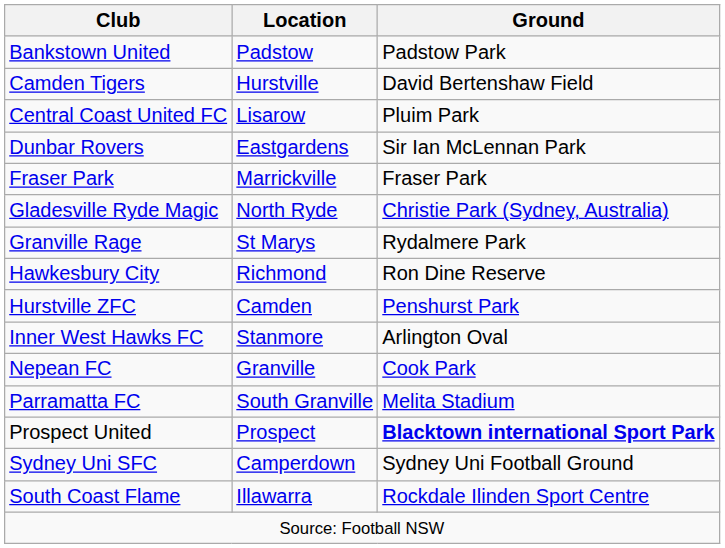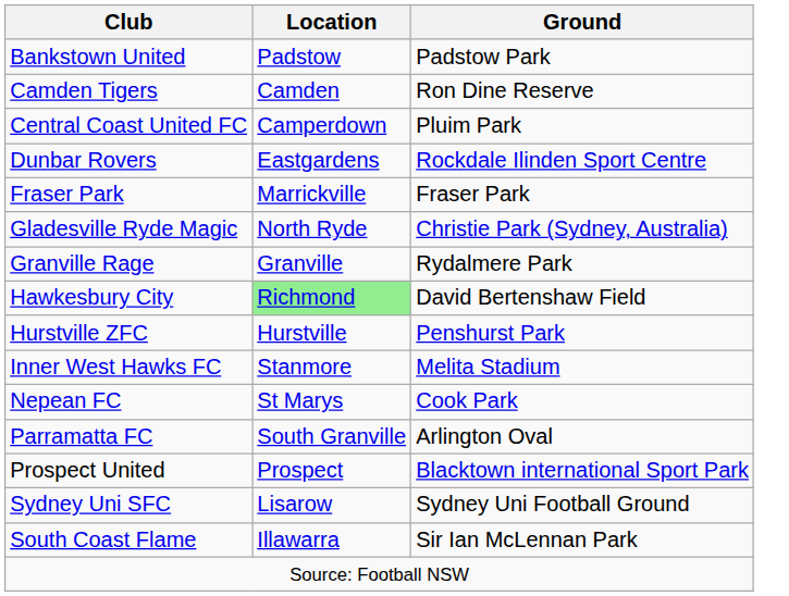 <table class="wikitable">
 <tr>
 <th>Club</th>
 <th>Location</th>
 <th>Ground</th>
 </tr>
 <tr>
 <td><a href='#'>Bankstown United</a></td>
 <td><a href='#'>Padstow</a></td>
 <td>Padstow Park</td>
 </tr>
 <tr>
 <td><a href='#'>Camden Tigers</a></td>
-<td><a href='#'>Hurstville</a></td>
-<td>David Bertenshaw Field</td>
+<td><a href='#'>Camden</a></td>
+<td>Ron Dine Reserve</td>
 </tr>
 <tr>
 <td><a href='#'>Central Coast United FC</a></td>
-<td><a href='#'>Lisarow</a></td>
+<td><a href='#'>Camperdown</a></td>
 <td>Pluim Park</td>
 </tr>
 <tr>
 <td><a href='#'>Dunbar Rovers</a></td>
 <td><a href='#'>Eastgardens</a></td>
-<td>Sir Ian McLennan Park</td>
+<td><a href='#'>Rockdale Ilinden Sport Centre</a></td>
 </tr>
 <tr>
 <td><a href='#'>Fraser Park</a></td>
 <td><a href='#'>Marrickville</a></td>
 <td>Fraser Park</td>
 </tr>
 <tr>
 <td><a href='#'>Gladesville Ryde Magic</a></td>
 <td><a href='#'>North Ryde</a></td>
 <td><a href='#'>Christie Park (Sydney, Australia)</a></td>
 </tr>
 <tr>
 <td><a href='#'>Granville Rage</a></td>
-<td><a href='#'>St Marys</a></td>
+<td><a href='#'>Granville</a></td>
 <td>Rydalmere Park</td>
 </tr>
 <tr>
 <td><a href='#'>Hawkesbury City</a></td>
-<td><a href='#'>Richmond</a></td>
-<td>Ron Dine Reserve</td>
+<td style="background: lightgreen;"><a href='#'>Richmond</a></td>
+<td>David Bertenshaw Field</td>
 </tr>
 <tr>
 <td><a href='#'>Hurstville ZFC</a></td>
-<td><a href='#'>Camden</a></td>
+<td><a href='#'>Hurstville</a></td>
 <td><a href='#'>Penshurst Park</a></td>
 </tr>
 <tr>
 <td><a href='#'>Inner West Hawks FC</a></td>
 <td><a href='#'>Stanmore</a></td>
-<td>Arlington Oval</td>
+<td><a href='#'>Melita Stadium</a></td>
 </tr>
 <tr>
 <td><a href='#'>Nepean FC</a></td>
-<td><a href='#'>Granville</a></td>
+<td><a href='#'>St Marys</a></td>
 <td><a href='#'>Cook Park</a></td>
 </tr>
 <tr>
 <td><a href='#'>Parramatta FC</a></td>
 <td><a href='#'>South Granville</a></td>
-<td><a href='#'>Melita Stadium</a></td>
+<td>Arlington Oval</td>
 </tr>
 <tr>
 <td>Prospect United</td>
 <td><a href='#'>Prospect</a></td>
-<td><strong><a href='#'>Blacktown international Sport Park</a></strong></td>
+<td><a href='#'>Blacktown international Sport Park</a></td>
 </tr>
 <tr>
 <td><a href='#'>Sydney Uni SFC</a></td>
-<td><a href='#'>Camperdown</a></td>
+<td><a href='#'>Lisarow</a></td>
 <td>Sydney Uni Football Ground</td>
 </tr>
 <tr>
 <td><a href='#'>South Coast Flame</a></td>
 <td><a href='#'>Illawarra</a></td>
-<td><a href='#'>Rockdale Ilinden Sport Centre</a></td>
+<td>Sir Ian McLennan Park</td>
 </tr>
 <tr>
 <td style="text-align:center" colspan="6"><small>Source: Football NSW</small></td>
 </tr>
 </table>
